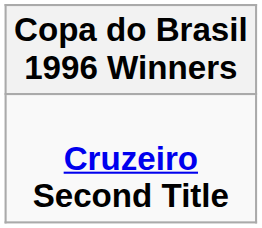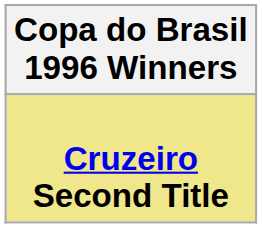 <table class="wikitable" style="text-align: center; margin: 0 auto;">
 <tr>
 <th>Copa do Brasil<br>1996 Winners</th>
 </tr>
 <tr>
-<td><br><strong><a href='#'>Cruzeiro</a></strong><br><strong>Second Title</strong></td>
+<td style="background: khaki;"><br><strong><a href='#'>Cruzeiro</a></strong><br><strong>Second Title</strong></td>
 </tr>
 </table>
